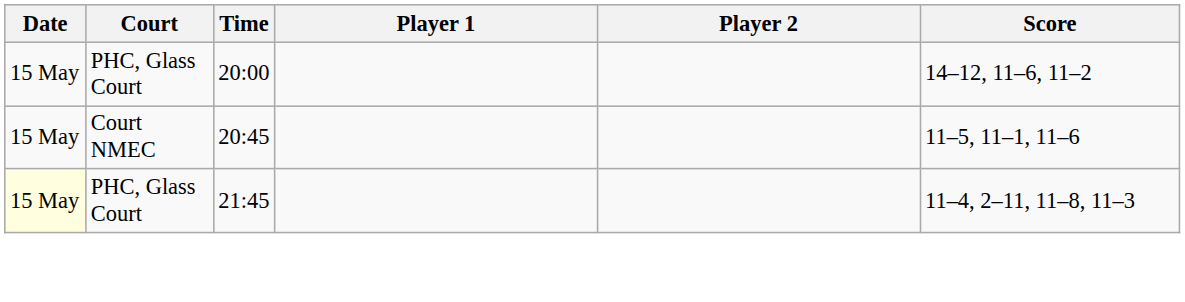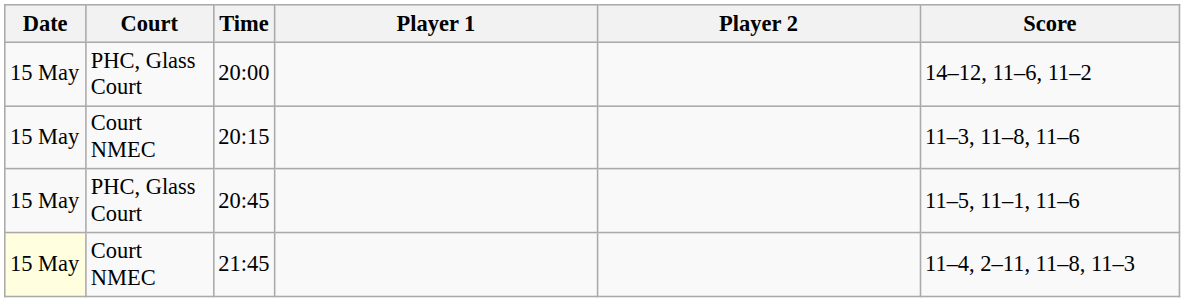 <table class="sortable wikitable" style="font-size:90%">
 <tr>
 <th width="45" class="unsortable">Date</th>
 <th width="75">Court</th>
 <th width="30">Time</th>
 <th width="200">Player 1</th>
 <th width="200">Player 2</th>
 <th width="160" class="unsortable">Score</th>
 </tr>
 <tr>
 <td>15 May</td>
 <td>PHC, Glass Court</td>
 <td>20:00</td>
 <td></td>
 <td><strong></strong></td>
 <td>14–12, 11–6, 11–2</td>
 </tr>
 <tr>
 <td>15 May</td>
 <td>Court NMEC</td>
+<td>20:15</td>
+<td><strong></strong></td>
+<td></td>
+<td>11–3, 11–8, 11–6</td>
+</tr>
+<tr>
+<td>15 May</td>
+<td>PHC, Glass Court</td>
 <td>20:45</td>
 <td><strong></strong></td>
 <td></td>
 <td>11–5, 11–1, 11–6</td>
 </tr>
 <tr>
 <td style="background: lightyellow;">15 May</td>
-<td>PHC, Glass Court</td>
+<td>Court NMEC</td>
 <td>21:45</td>
 <td></td>
 <td><strong></strong></td>
 <td>11–4, 2–11, 11–8, 11–3</td>
 </tr>
 </table>
